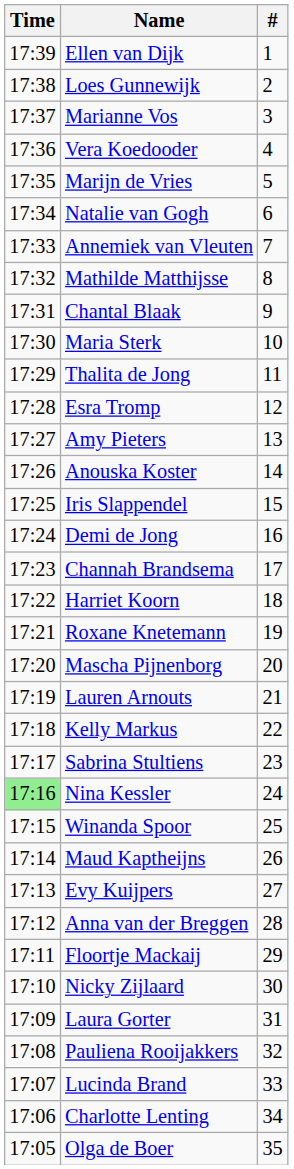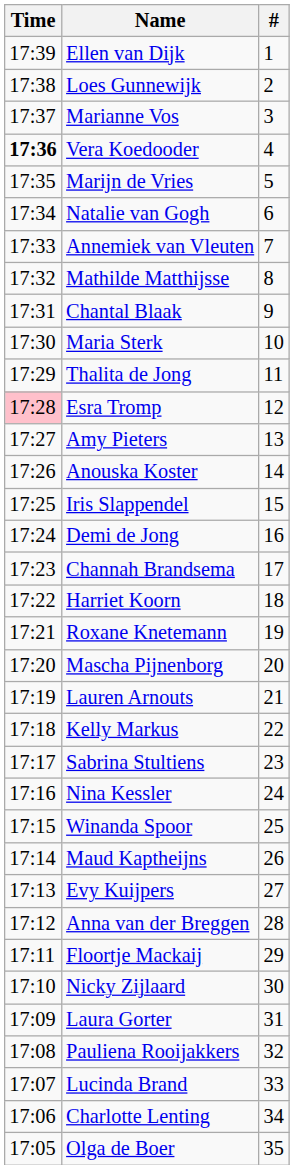 <table class=wikitable>
 <tr>
 <th>Time</th>
 <th>Name</th>
 <th>#</th>
 </tr>
 <tr>
 <td>17:39</td>
 <td><a href='#'>Ellen van Dijk</a></td>
 <td>1</td>
 </tr>
 <tr>
 <td>17:38</td>
 <td><a href='#'>Loes Gunnewijk</a></td>
 <td>2</td>
 </tr>
 <tr>
 <td>17:37</td>
 <td><a href='#'>Marianne Vos</a></td>
 <td>3</td>
 </tr>
 <tr>
-<td>17:36</td>
+<td><strong>17:36</strong></td>
 <td><a href='#'>Vera Koedooder</a></td>
 <td>4</td>
 </tr>
 <tr>
 <td>17:35</td>
 <td><a href='#'>Marijn de Vries</a></td>
 <td>5</td>
 </tr>
 <tr>
 <td>17:34</td>
 <td><a href='#'>Natalie van Gogh</a></td>
 <td>6</td>
 </tr>
 <tr>
 <td>17:33</td>
 <td><a href='#'>Annemiek van Vleuten</a></td>
 <td>7</td>
 </tr>
 <tr>
 <td>17:32</td>
 <td><a href='#'>Mathilde Matthijsse</a></td>
 <td>8</td>
 </tr>
 <tr>
 <td>17:31</td>
 <td><a href='#'>Chantal Blaak</a></td>
 <td>9</td>
 </tr>
 <tr>
 <td>17:30</td>
 <td><a href='#'>Maria Sterk</a></td>
 <td>10</td>
 </tr>
 <tr>
 <td>17:29</td>
 <td><a href='#'>Thalita de Jong</a></td>
 <td>11</td>
 </tr>
 <tr>
-<td>17:28</td>
+<td style="background: pink;">17:28</td>
 <td><a href='#'>Esra Tromp</a></td>
 <td>12</td>
 </tr>
 <tr>
 <td>17:27</td>
 <td><a href='#'>Amy Pieters</a></td>
 <td>13</td>
 </tr>
 <tr>
 <td>17:26</td>
 <td><a href='#'>Anouska Koster</a></td>
 <td>14</td>
 </tr>
 <tr>
 <td>17:25</td>
 <td><a href='#'>Iris Slappendel</a></td>
 <td>15</td>
 </tr>
 <tr>
 <td>17:24</td>
 <td><a href='#'>Demi de Jong</a></td>
 <td>16</td>
 </tr>
 <tr>
 <td>17:23</td>
 <td><a href='#'>Channah Brandsema</a></td>
 <td>17</td>
 </tr>
 <tr>
 <td>17:22</td>
 <td><a href='#'>Harriet Koorn</a></td>
 <td>18</td>
 </tr>
 <tr>
 <td>17:21</td>
 <td><a href='#'>Roxane Knetemann</a></td>
 <td>19</td>
 </tr>
 <tr>
 <td>17:20</td>
 <td><a href='#'>Mascha Pijnenborg</a></td>
 <td>20</td>
 </tr>
 <tr>
 <td>17:19</td>
 <td><a href='#'>Lauren Arnouts</a></td>
 <td>21</td>
 </tr>
 <tr>
 <td>17:18</td>
 <td><a href='#'>Kelly Markus</a></td>
 <td>22</td>
 </tr>
 <tr>
 <td>17:17</td>
 <td><a href='#'>Sabrina Stultiens</a></td>
 <td>23</td>
 </tr>
 <tr>
-<td style="background: lightgreen;">17:16</td>
+<td>17:16</td>
 <td><a href='#'>Nina Kessler</a></td>
 <td>24</td>
 </tr>
 <tr>
 <td>17:15</td>
 <td><a href='#'>Winanda Spoor</a></td>
 <td>25</td>
 </tr>
 <tr>
 <td>17:14</td>
 <td><a href='#'>Maud Kaptheijns</a></td>
 <td>26</td>
 </tr>
 <tr>
 <td>17:13</td>
 <td><a href='#'>Evy Kuijpers</a></td>
 <td>27</td>
 </tr>
 <tr>
 <td>17:12</td>
 <td><a href='#'>Anna van der Breggen</a></td>
 <td>28</td>
 </tr>
 <tr>
 <td>17:11</td>
 <td><a href='#'>Floortje Mackaij</a></td>
 <td>29</td>
 </tr>
 <tr>
 <td>17:10</td>
 <td><a href='#'>Nicky Zijlaard</a></td>
 <td>30</td>
 </tr>
 <tr>
 <td>17:09</td>
 <td><a href='#'>Laura Gorter</a></td>
 <td>31</td>
 </tr>
 <tr>
 <td>17:08</td>
 <td><a href='#'>Pauliena Rooijakkers</a></td>
 <td>32</td>
 </tr>
 <tr>
 <td>17:07</td>
 <td><a href='#'>Lucinda Brand</a></td>
 <td>33</td>
 </tr>
 <tr>
 <td>17:06</td>
 <td><a href='#'>Charlotte Lenting</a></td>
 <td>34</td>
 </tr>
 <tr>
 <td>17:05</td>
 <td><a href='#'>Olga de Boer</a></td>
 <td>35</td>
 </tr>
 <tr>
 </tr>
 </table>
